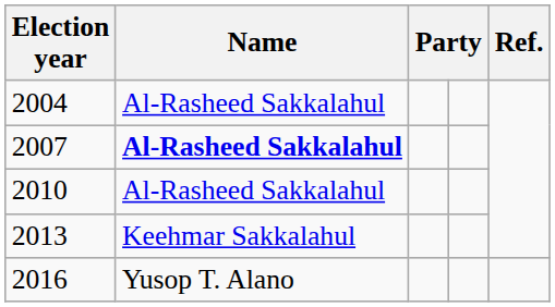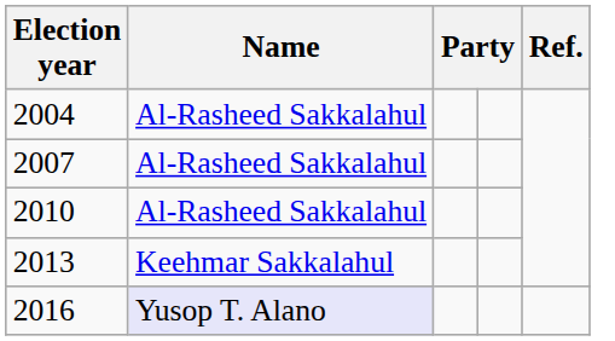 <table class=wikitable>
 <tr>
 <th>Election<br>year</th>
 <th>Name</th>
 <th colspan=2>Party</th>
 <th>Ref.</th>
 </tr>
 <tr>
 <td>2004</td>
 <td><a href='#'>Al-Rasheed Sakkalahul</a></td>
 <td></td>
 <td></td>
 </tr>
 <tr>
 <td>2007</td>
-<td><strong><a href='#'>Al-Rasheed Sakkalahul</a></strong></td>
+<td><a href='#'>Al-Rasheed Sakkalahul</a></td>
 <td></td>
 <td></td>
 </tr>
 <tr>
 <td>2010</td>
 <td><a href='#'>Al-Rasheed Sakkalahul</a></td>
 <td></td>
 <td></td>
 </tr>
 <tr>
 <td>2013</td>
 <td><a href='#'>Keehmar Sakkalahul</a></td>
 <td></td>
 <td></td>
 </tr>
 <tr>
 <td>2016</td>
-<td>Yusop T. Alano</td>
+<td style="background: lavender;">Yusop T. Alano</td>
 <td></td>
 <td></td>
 <td></td>
 </tr>
 </table>
